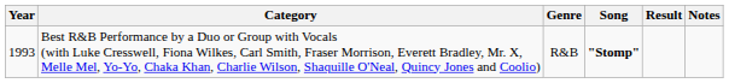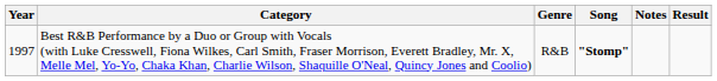 <table class="wikitable">
 <tr>
 <th>Year</th>
 <th>Category</th>
 <th>Genre</th>
 <th>Song</th>
+<th>Notes</th>
 <th>Result</th>
-<th>Notes</th>
 </tr>
 <tr>
-<td>1993</td>
+<td>1997</td>
 <td>Best R&B Performance by a Duo or Group with Vocals<br>(with Luke Cresswell, Fiona Wilkes, Carl Smith, Fraser Morrison, Everett Bradley, Mr. X,<br> <a href='#'>Melle Mel</a>, <a href='#'>Yo-Yo</a>, <a href='#'>Chaka Khan</a>, <a href='#'>Charlie Wilson</a>, <a href='#'>Shaquille O'Neal</a>, <a href='#'>Quincy Jones</a> and <a href='#'>Coolio</a>)</td>
 <td align=center>R&B</td>
 <td><strong>"Stomp"</strong></td>
 <td></td>
 <td></td>
 </tr>
 </table>
